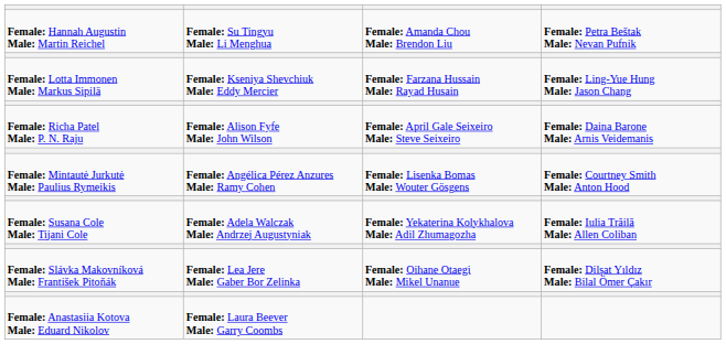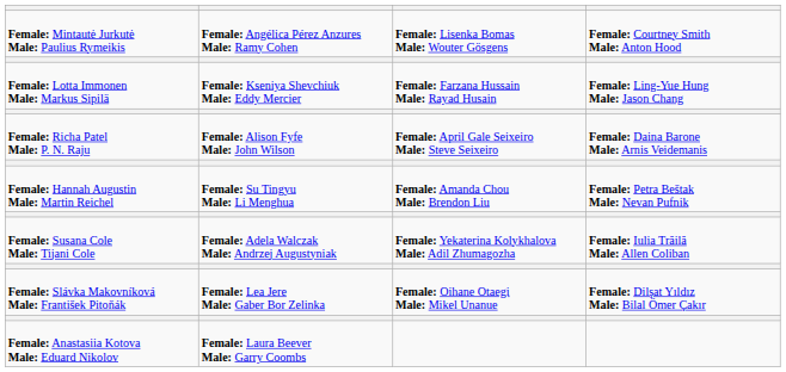 <table class="wikitable">
 <tr>
 <th width=250></th>
 <th width=250></th>
 <th width=250></th>
 <th width=250></th>
 </tr>
 <tr>
-<td><br><strong>Female:</strong> <a href='#'>Hannah Augustin</a><br> <strong>Male:</strong> <a href='#'>Martin Reichel</a></td>
-<td><br><strong>Female:</strong> <a href='#'>Su Tingyu</a><br> <strong>Male:</strong> <a href='#'>Li Menghua</a></td>
-<td><br><strong>Female:</strong> <a href='#'>Amanda Chou</a><br> <strong>Male:</strong> <a href='#'>Brendon Liu</a></td>
-<td><br><strong>Female:</strong> <a href='#'>Petra Beštak</a><br> <strong>Male:</strong> <a href='#'>Nevan Pufnik</a></td>
+<td><br><strong>Female:</strong> <a href='#'>Mintautė Jurkutė</a><br> <strong>Male:</strong> <a href='#'>Paulius Rymeikis</a></td>
+<td><br><strong>Female:</strong> <a href='#'>Angélica Pérez Anzures</a><br> <strong>Male:</strong> <a href='#'>Ramy Cohen</a></td>
+<td><br><strong>Female:</strong> <a href='#'>Lisenka Bomas</a><br> <strong>Male:</strong> <a href='#'>Wouter Gösgens</a></td>
+<td><br><strong>Female:</strong> <a href='#'>Courtney Smith</a><br> <strong>Male:</strong> <a href='#'>Anton Hood</a></td>
 </tr>
 <tr>
 <th width=250></th>
 <th width=250></th>
 <th width=250></th>
 <th width=250></th>
 </tr>
 <tr>
 <td><br><strong>Female:</strong> <a href='#'>Lotta Immonen</a><br> <strong>Male:</strong> <a href='#'>Markus Sipilä</a></td>
 <td><br><strong>Female:</strong> <a href='#'>Kseniya Shevchiuk</a><br> <strong>Male:</strong> <a href='#'>Eddy Mercier</a></td>
 <td><br><strong>Female:</strong> <a href='#'>Farzana Hussain</a><br> <strong>Male:</strong> <a href='#'>Rayad Husain</a></td>
 <td><br><strong>Female:</strong> <a href='#'>Ling-Yue Hung</a><br> <strong>Male:</strong> <a href='#'>Jason Chang</a></td>
 </tr>
 <tr>
 <th width=250></th>
 <th width=250></th>
 <th width=250></th>
 <th width=250></th>
 </tr>
 <tr>
 <td><br><strong>Female:</strong> <a href='#'>Richa Patel</a><br> <strong>Male:</strong> <a href='#'>P. N. Raju</a></td>
 <td><br><strong>Female:</strong> <a href='#'>Alison Fyfe</a><br> <strong>Male:</strong> <a href='#'>John Wilson</a></td>
 <td><br><strong>Female:</strong> <a href='#'>April Gale Seixeiro</a><br> <strong>Male:</strong> <a href='#'>Steve Seixeiro</a></td>
 <td><br><strong>Female:</strong> <a href='#'>Daina Barone</a><br> <strong>Male:</strong> <a href='#'>Arnis Veidemanis</a></td>
 </tr>
 <tr>
 <th width=250></th>
 <th width=250></th>
 <th width=250></th>
 <th width=250></th>
 </tr>
 <tr>
-<td><br><strong>Female:</strong> <a href='#'>Mintautė Jurkutė</a><br> <strong>Male:</strong> <a href='#'>Paulius Rymeikis</a></td>
-<td><br><strong>Female:</strong> <a href='#'>Angélica Pérez Anzures</a><br> <strong>Male:</strong> <a href='#'>Ramy Cohen</a></td>
-<td><br><strong>Female:</strong> <a href='#'>Lisenka Bomas</a><br> <strong>Male:</strong> <a href='#'>Wouter Gösgens</a></td>
-<td><br><strong>Female:</strong> <a href='#'>Courtney Smith</a><br> <strong>Male:</strong> <a href='#'>Anton Hood</a></td>
+<td><br><strong>Female:</strong> <a href='#'>Hannah Augustin</a><br> <strong>Male:</strong> <a href='#'>Martin Reichel</a></td>
+<td><br><strong>Female:</strong> <a href='#'>Su Tingyu</a><br> <strong>Male:</strong> <a href='#'>Li Menghua</a></td>
+<td><br><strong>Female:</strong> <a href='#'>Amanda Chou</a><br> <strong>Male:</strong> <a href='#'>Brendon Liu</a></td>
+<td><br><strong>Female:</strong> <a href='#'>Petra Beštak</a><br> <strong>Male:</strong> <a href='#'>Nevan Pufnik</a></td>
 </tr>
 <tr>
 <th width=250></th>
 <th width=250></th>
 <th width=250></th>
 <th width=250></th>
 </tr>
 <tr>
 <td><br><strong>Female:</strong> <a href='#'>Susana Cole</a><br> <strong>Male:</strong> <a href='#'>Tijani Cole</a></td>
 <td><br><strong>Female:</strong> <a href='#'>Adela Walczak</a><br> <strong>Male:</strong> <a href='#'>Andrzej Augustyniak</a></td>
 <td><br><strong>Female:</strong> <a href='#'>Yekaterina Kolykhalova</a><br> <strong>Male:</strong> <a href='#'>Adil Zhumagozha</a></td>
 <td><br><strong>Female:</strong> <a href='#'>Iulia Trăilă</a><br> <strong>Male:</strong> <a href='#'>Allen Coliban</a></td>
 </tr>
 <tr>
 <th width=250></th>
 <th width=250></th>
 <th width=250></th>
 <th width=250></th>
 </tr>
 <tr>
 <td><br><strong>Female:</strong> <a href='#'>Slávka Makovníková</a><br> <strong>Male:</strong> <a href='#'>František Pitoňák</a></td>
 <td><br><strong>Female:</strong> <a href='#'>Lea Jere</a><br> <strong>Male:</strong> <a href='#'>Gaber Bor Zelinka</a></td>
 <td><br><strong>Female:</strong> <a href='#'>Oihane Otaegi</a><br> <strong>Male:</strong> <a href='#'>Mikel Unanue</a></td>
 <td><br><strong>Female:</strong> <a href='#'>Dilşat Yıldız</a><br> <strong>Male:</strong> <a href='#'>Bilal Ömer Çakır</a></td>
 </tr>
 <tr>
 <th width=250></th>
 <th width=250></th>
 <th width=250></th>
 <th width=250></th>
 </tr>
 <tr>
 <td><br><strong>Female:</strong> <a href='#'>Anastasiia Kotova</a><br> <strong>Male:</strong> <a href='#'>Eduard Nikolov</a></td>
 <td><br><strong>Female:</strong> <a href='#'>Laura Beever</a><br> <strong>Male:</strong> <a href='#'>Garry Coombs</a></td>
 <td></td>
 <td></td>
 </tr>
 </table>
